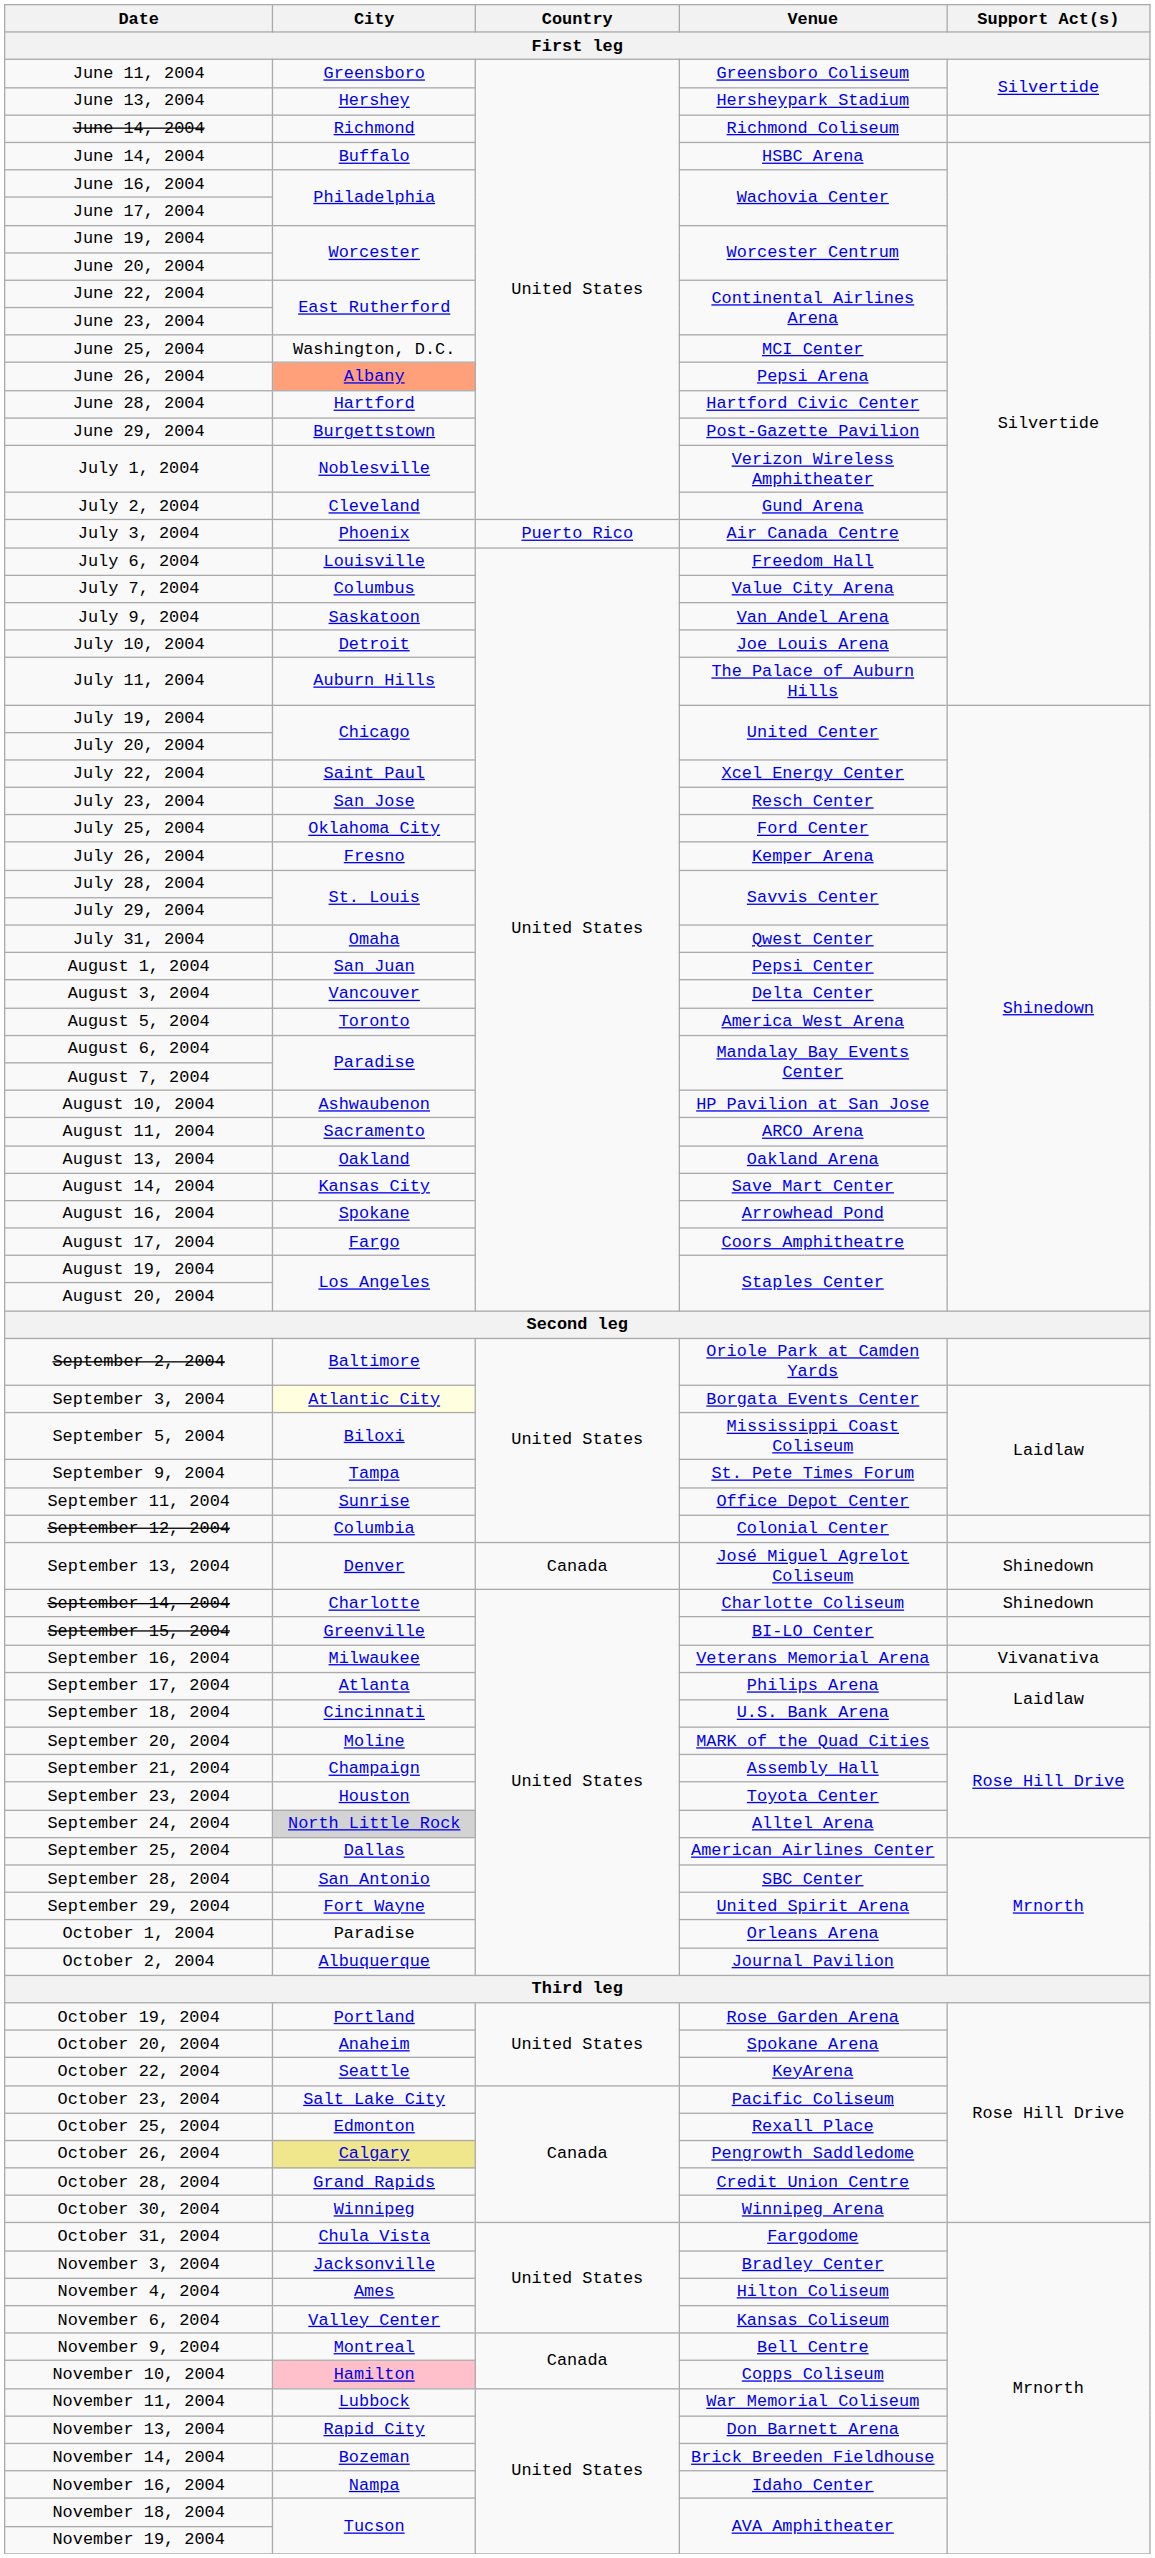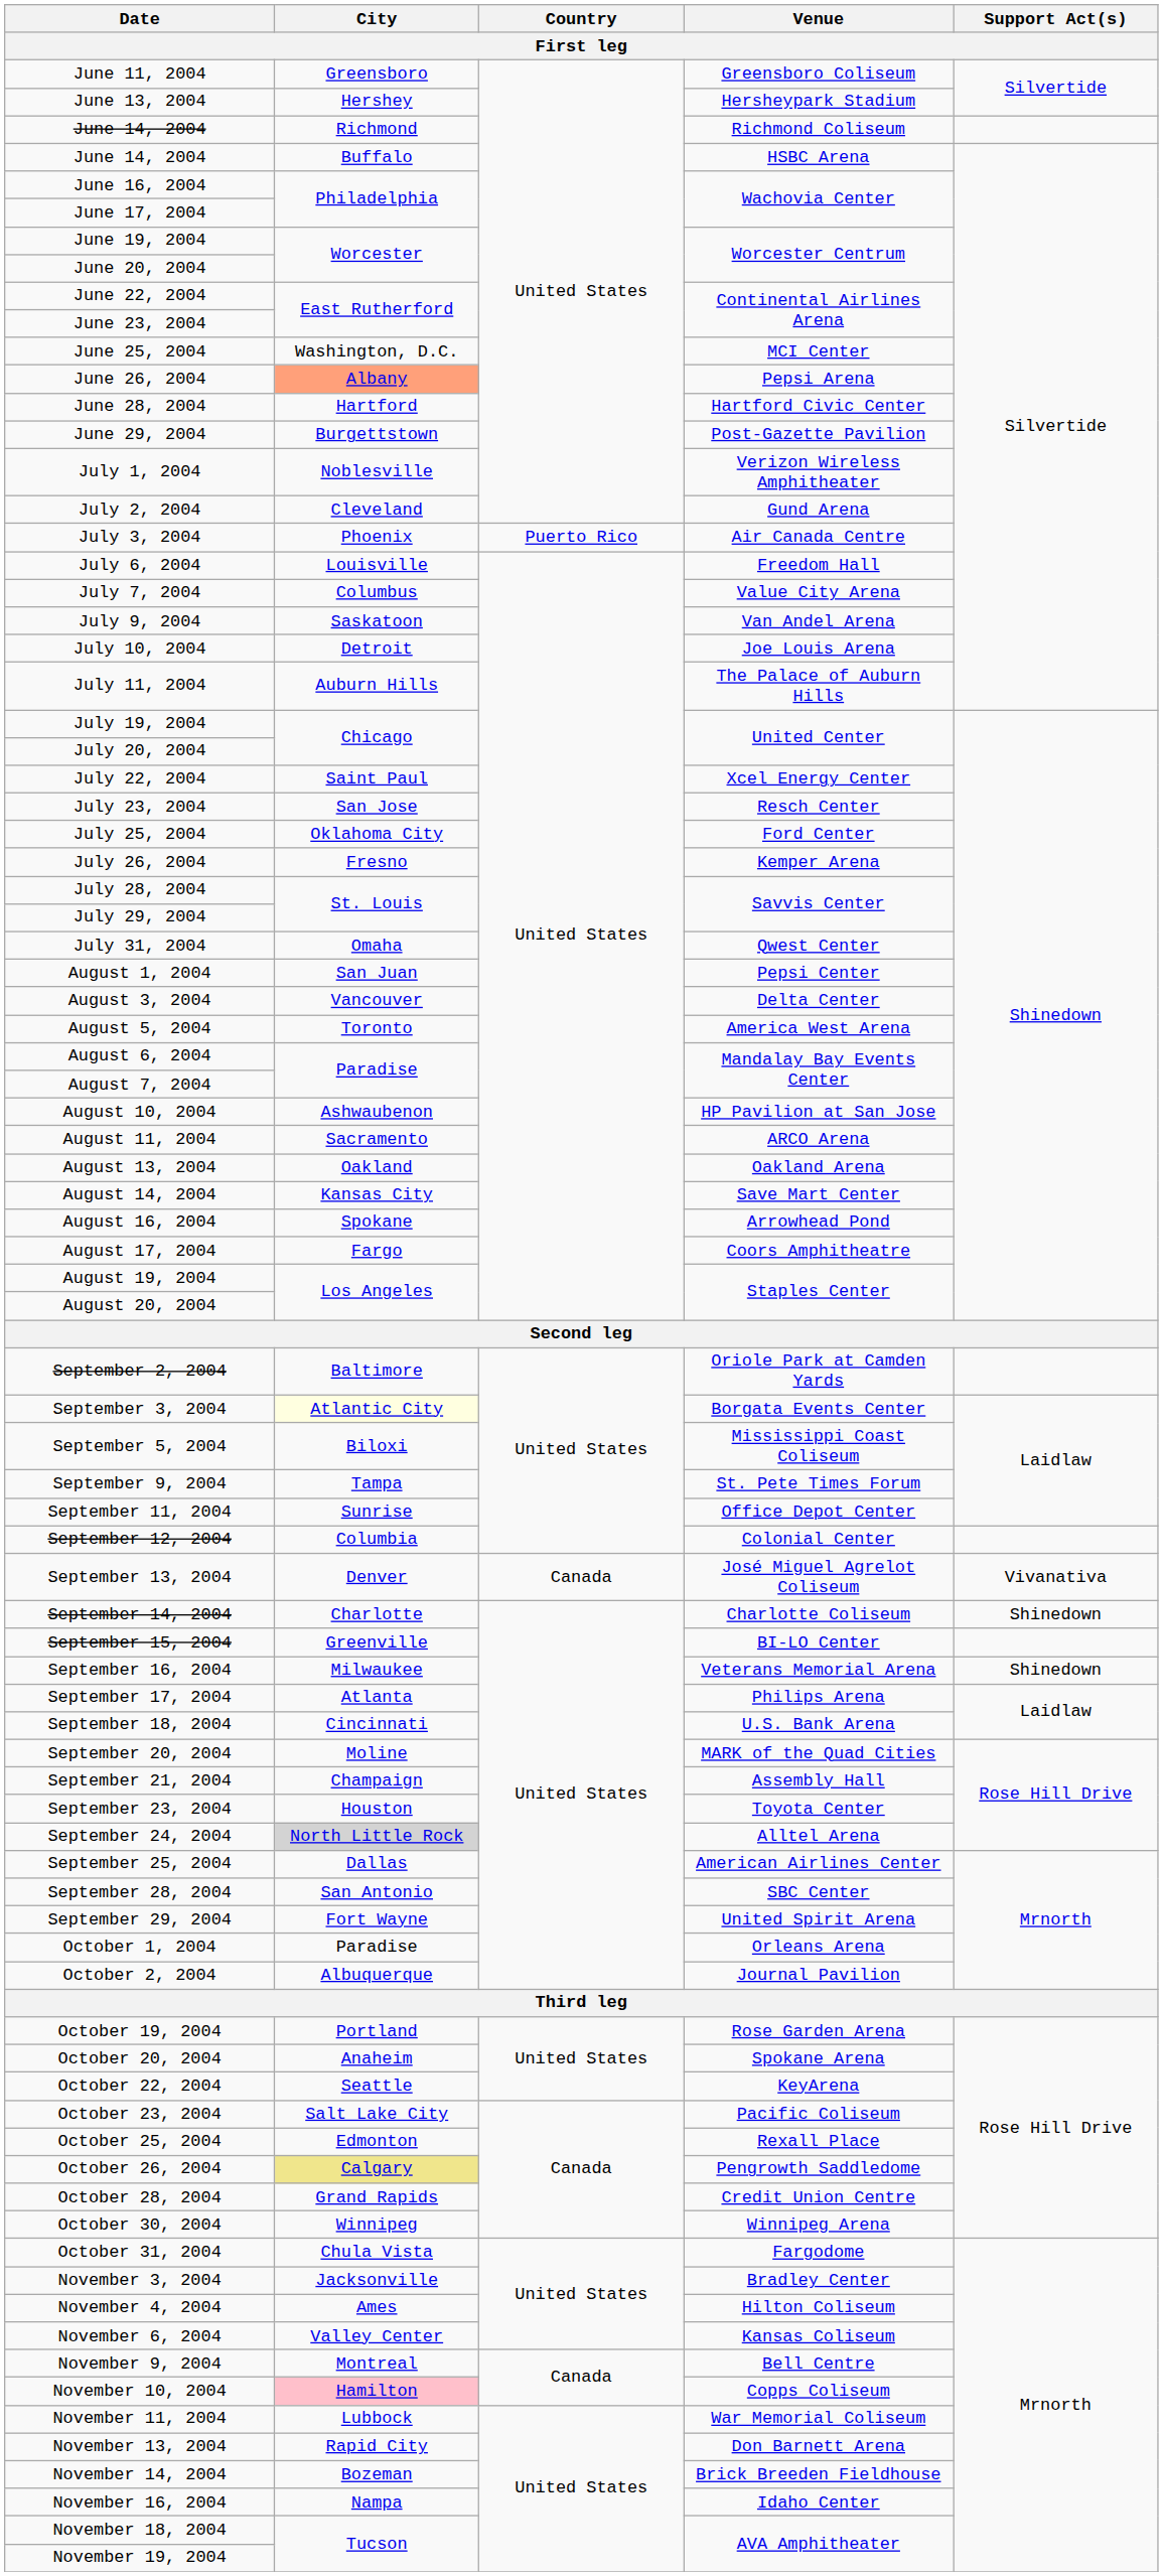 <table class="wikitable" style="text-align:center;">
 <tr>
 <th width="200">Date</th>
 <th width="150">City</th>
 <th width="150">Country</th>
 <th width="200">Venue</th>
 <th width="150">Support Act(s)</th>
 </tr>
 <tr>
 <th colspan="5">First leg</th>
 </tr>
 <tr>
 <td>June 11, 2004</td>
 <td><a href='#'>Greensboro</a></td>
 <td rowspan="16">United States</td>
 <td><a href='#'>Greensboro Coliseum</a></td>
 <td rowspan="2"><a href='#'>Silvertide</a></td>
 </tr>
 <tr>
 <td>June 13, 2004</td>
 <td><a href='#'>Hershey</a></td>
 <td><a href='#'>Hersheypark Stadium</a></td>
 </tr>
 <tr>
 <td><s>June 14, 2004</s></td>
 <td><a href='#'>Richmond</a></td>
 <td><a href='#'>Richmond Coliseum</a></td>
 <td></td>
 </tr>
 <tr>
 <td>June 14, 2004</td>
 <td><a href='#'>Buffalo</a></td>
 <td><a href='#'>HSBC Arena</a></td>
 <td rowspan="19">Silvertide</td>
 </tr>
 <tr>
 <td>June 16, 2004</td>
 <td rowspan="2"><a href='#'>Philadelphia</a></td>
 <td rowspan="2"><a href='#'>Wachovia Center</a></td>
 </tr>
 <tr>
 <td>June 17, 2004</td>
 </tr>
 <tr>
 <td>June 19, 2004</td>
 <td rowspan="2"><a href='#'>Worcester</a></td>
 <td rowspan="2"><a href='#'>Worcester Centrum</a></td>
 </tr>
 <tr>
 <td>June 20, 2004</td>
 </tr>
 <tr>
 <td>June 22, 2004</td>
 <td rowspan="2"><a href='#'>East Rutherford</a></td>
 <td rowspan="2"><a href='#'>Continental Airlines Arena</a></td>
 </tr>
 <tr>
 <td>June 23, 2004</td>
 </tr>
 <tr>
 <td>June 25, 2004</td>
 <td>Washington, D.C.</td>
 <td><a href='#'>MCI Center</a></td>
 </tr>
 <tr>
 <td>June 26, 2004</td>
 <td style="background: lightsalmon;"><a href='#'>Albany</a></td>
 <td><a href='#'>Pepsi Arena</a></td>
 </tr>
 <tr>
 <td>June 28, 2004</td>
 <td><a href='#'>Hartford</a></td>
 <td><a href='#'>Hartford Civic Center</a></td>
 </tr>
 <tr>
 <td>June 29, 2004</td>
 <td><a href='#'>Burgettstown</a></td>
 <td><a href='#'>Post-Gazette Pavilion</a></td>
 </tr>
 <tr>
 <td>July 1, 2004</td>
 <td><a href='#'>Noblesville</a></td>
 <td><a href='#'>Verizon Wireless Amphitheater</a></td>
 </tr>
 <tr>
 <td>July 2, 2004</td>
 <td><a href='#'>Cleveland</a></td>
 <td><a href='#'>Gund Arena</a></td>
 </tr>
 <tr>
 <td>July 3, 2004</td>
 <td><a href='#'>Phoenix</a></td>
 <td><a href='#'>Puerto Rico</a></td>
 <td><a href='#'>Air Canada Centre</a></td>
 </tr>
 <tr>
 <td>July 6, 2004</td>
 <td><a href='#'>Louisville</a></td>
 <td rowspan="27">United States</td>
 <td><a href='#'>Freedom Hall</a></td>
 </tr>
 <tr>
 <td>July 7, 2004</td>
 <td><a href='#'>Columbus</a></td>
 <td><a href='#'>Value City Arena</a></td>
 </tr>
 <tr>
 <td>July 9, 2004</td>
 <td><a href='#'>Saskatoon</a></td>
 <td><a href='#'>Van Andel Arena</a></td>
 </tr>
 <tr>
 <td>July 10, 2004</td>
 <td><a href='#'>Detroit</a></td>
 <td><a href='#'>Joe Louis Arena</a></td>
 </tr>
 <tr>
 <td>July 11, 2004</td>
 <td><a href='#'>Auburn Hills</a></td>
 <td><a href='#'>The Palace of Auburn Hills</a></td>
 </tr>
 <tr>
 <td>July 19, 2004</td>
 <td rowspan="2"><a href='#'>Chicago</a></td>
 <td rowspan="2"><a href='#'>United Center</a></td>
 <td rowspan="22"><a href='#'>Shinedown</a></td>
 </tr>
 <tr>
 <td>July 20, 2004</td>
 </tr>
 <tr>
 <td>July 22, 2004</td>
 <td><a href='#'>Saint Paul</a></td>
 <td><a href='#'>Xcel Energy Center</a></td>
 </tr>
 <tr>
 <td>July 23, 2004</td>
 <td><a href='#'>San Jose</a></td>
 <td><a href='#'>Resch Center</a></td>
 </tr>
 <tr>
 <td>July 25, 2004</td>
 <td><a href='#'>Oklahoma City</a></td>
 <td><a href='#'>Ford Center</a></td>
 </tr>
 <tr>
 <td>July 26, 2004</td>
 <td><a href='#'>Fresno</a></td>
 <td><a href='#'>Kemper Arena</a></td>
 </tr>
 <tr>
 <td>July 28, 2004</td>
 <td rowspan="2"><a href='#'>St. Louis</a></td>
 <td rowspan="2"><a href='#'>Savvis Center</a></td>
 </tr>
 <tr>
 <td>July 29, 2004</td>
 </tr>
 <tr>
 <td>July 31, 2004</td>
 <td><a href='#'>Omaha</a></td>
 <td><a href='#'>Qwest Center</a></td>
 </tr>
 <tr>
 <td>August 1, 2004</td>
 <td><a href='#'>San Juan</a></td>
 <td><a href='#'>Pepsi Center</a></td>
 </tr>
 <tr>
 <td>August 3, 2004</td>
 <td><a href='#'>Vancouver</a></td>
 <td><a href='#'>Delta Center</a></td>
 </tr>
 <tr>
 <td>August 5, 2004</td>
 <td><a href='#'>Toronto</a></td>
 <td><a href='#'>America West Arena</a></td>
 </tr>
 <tr>
 <td>August 6, 2004</td>
 <td rowspan="2"><a href='#'>Paradise</a></td>
 <td rowspan="2"><a href='#'>Mandalay Bay Events Center</a></td>
 </tr>
 <tr>
 <td>August 7, 2004</td>
 </tr>
 <tr>
 <td>August 10, 2004</td>
 <td><a href='#'>Ashwaubenon</a></td>
 <td><a href='#'>HP Pavilion at San Jose</a></td>
 </tr>
 <tr>
 <td>August 11, 2004</td>
 <td><a href='#'>Sacramento</a></td>
 <td><a href='#'>ARCO Arena</a></td>
 </tr>
 <tr>
 <td>August 13, 2004</td>
 <td><a href='#'>Oakland</a></td>
 <td><a href='#'>Oakland Arena</a></td>
 </tr>
 <tr>
 <td>August 14, 2004</td>
 <td><a href='#'>Kansas City</a></td>
 <td><a href='#'>Save Mart Center</a></td>
 </tr>
 <tr>
 <td>August 16, 2004</td>
 <td><a href='#'>Spokane</a></td>
 <td><a href='#'>Arrowhead Pond</a></td>
 </tr>
 <tr>
 <td>August 17, 2004</td>
 <td><a href='#'>Fargo</a></td>
 <td><a href='#'>Coors Amphitheatre</a></td>
 </tr>
 <tr>
 <td>August 19, 2004</td>
 <td rowspan="2"><a href='#'>Los Angeles</a></td>
 <td rowspan="2"><a href='#'>Staples Center</a></td>
 </tr>
 <tr>
 <td>August 20, 2004</td>
 </tr>
 <tr>
 <th colspan="5">Second leg</th>
 </tr>
 <tr>
 <td><s>September 2, 2004</s></td>
 <td><a href='#'>Baltimore</a></td>
 <td rowspan="6">United States</td>
 <td><a href='#'>Oriole Park at Camden Yards</a></td>
 <td></td>
 </tr>
 <tr>
 <td>September 3, 2004</td>
 <td style="background: lightyellow;"><a href='#'>Atlantic City</a></td>
 <td><a href='#'>Borgata Events Center</a></td>
 <td rowspan="4">Laidlaw</td>
 </tr>
 <tr>
 <td>September 5, 2004</td>
 <td><a href='#'>Biloxi</a></td>
 <td><a href='#'>Mississippi Coast Coliseum</a></td>
 </tr>
 <tr>
 <td>September 9, 2004</td>
 <td><a href='#'>Tampa</a></td>
 <td><a href='#'>St. Pete Times Forum</a></td>
 </tr>
 <tr>
 <td>September 11, 2004</td>
 <td><a href='#'>Sunrise</a></td>
 <td><a href='#'>Office Depot Center</a></td>
 </tr>
 <tr>
 <td><s>September 12, 2004</s></td>
 <td><a href='#'>Columbia</a></td>
 <td><a href='#'>Colonial Center</a></td>
 <td></td>
 </tr>
 <tr>
 <td>September 13, 2004</td>
 <td><a href='#'>Denver</a></td>
 <td>Canada</td>
 <td><a href='#'>José Miguel Agrelot Coliseum</a></td>
-<td>Shinedown</td>
+<td>Vivanativa</td>
 </tr>
 <tr>
 <td><s>September 14, 2004</s></td>
 <td><a href='#'>Charlotte</a></td>
 <td rowspan="14">United States</td>
 <td><a href='#'>Charlotte Coliseum</a></td>
 <td>Shinedown</td>
 </tr>
 <tr>
 <td><s>September 15, 2004</s></td>
 <td><a href='#'>Greenville</a></td>
 <td><a href='#'>BI-LO Center</a></td>
 </tr>
 <tr>
 <td>September 16, 2004</td>
 <td><a href='#'>Milwaukee</a></td>
 <td><a href='#'>Veterans Memorial Arena</a></td>
-<td>Vivanativa</td>
+<td>Shinedown</td>
 </tr>
 <tr>
 <td>September 17, 2004</td>
 <td><a href='#'>Atlanta</a></td>
 <td><a href='#'>Philips Arena</a></td>
 <td rowspan="2">Laidlaw</td>
 </tr>
 <tr>
 <td>September 18, 2004</td>
 <td><a href='#'>Cincinnati</a></td>
 <td><a href='#'>U.S. Bank Arena</a></td>
 </tr>
 <tr>
 <td>September 20, 2004</td>
 <td><a href='#'>Moline</a></td>
 <td><a href='#'>MARK of the Quad Cities</a></td>
 <td rowspan="4"><a href='#'>Rose Hill Drive</a></td>
 </tr>
 <tr>
 <td>September 21, 2004</td>
 <td><a href='#'>Champaign</a></td>
 <td><a href='#'>Assembly Hall</a></td>
 </tr>
 <tr>
 <td>September 23, 2004</td>
 <td><a href='#'>Houston</a></td>
 <td><a href='#'>Toyota Center</a></td>
 </tr>
 <tr>
 <td>September 24, 2004</td>
 <td style="background: lightgrey;"><a href='#'>North Little Rock</a></td>
 <td><a href='#'>Alltel Arena</a></td>
 </tr>
 <tr>
 <td>September 25, 2004</td>
 <td><a href='#'>Dallas</a></td>
 <td><a href='#'>American Airlines Center</a></td>
 <td rowspan="5"><a href='#'>Mrnorth</a></td>
 </tr>
 <tr>
 <td>September 28, 2004</td>
 <td><a href='#'>San Antonio</a></td>
 <td><a href='#'>SBC Center</a></td>
 </tr>
 <tr>
 <td>September 29, 2004</td>
 <td><a href='#'>Fort Wayne</a></td>
 <td><a href='#'>United Spirit Arena</a></td>
 </tr>
 <tr>
 <td>October 1, 2004</td>
 <td>Paradise</td>
 <td><a href='#'>Orleans Arena</a></td>
 </tr>
 <tr>
 <td>October 2, 2004</td>
 <td><a href='#'>Albuquerque</a></td>
 <td><a href='#'>Journal Pavilion</a></td>
 </tr>
 <tr>
 <th colspan="5">Third leg</th>
 </tr>
 <tr>
 <td>October 19, 2004</td>
 <td><a href='#'>Portland</a></td>
 <td rowspan="3">United States</td>
 <td><a href='#'>Rose Garden Arena</a></td>
 <td rowspan="8">Rose Hill Drive</td>
 </tr>
 <tr>
 <td>October 20, 2004</td>
 <td><a href='#'>Anaheim</a></td>
 <td><a href='#'>Spokane Arena</a></td>
 </tr>
 <tr>
 <td>October 22, 2004</td>
 <td><a href='#'>Seattle</a></td>
 <td><a href='#'>KeyArena</a></td>
 </tr>
 <tr>
 <td>October 23, 2004</td>
 <td><a href='#'>Salt Lake City</a></td>
 <td rowspan="5">Canada</td>
 <td><a href='#'>Pacific Coliseum</a></td>
 </tr>
 <tr>
 <td>October 25, 2004</td>
 <td><a href='#'>Edmonton</a></td>
 <td><a href='#'>Rexall Place</a></td>
 </tr>
 <tr>
 <td>October 26, 2004</td>
 <td style="background: khaki;"><a href='#'>Calgary</a></td>
 <td><a href='#'>Pengrowth Saddledome</a></td>
 </tr>
 <tr>
 <td>October 28, 2004</td>
 <td><a href='#'>Grand Rapids</a></td>
 <td><a href='#'>Credit Union Centre</a></td>
 </tr>
 <tr>
 <td>October 30, 2004</td>
 <td><a href='#'>Winnipeg</a></td>
 <td><a href='#'>Winnipeg Arena</a></td>
 </tr>
 <tr>
 <td>October 31, 2004</td>
 <td><a href='#'>Chula Vista</a></td>
 <td rowspan="4">United States</td>
 <td><a href='#'>Fargodome</a></td>
 <td rowspan="12">Mrnorth</td>
 </tr>
 <tr>
 <td>November 3, 2004</td>
 <td><a href='#'>Jacksonville</a></td>
 <td><a href='#'>Bradley Center</a></td>
 </tr>
 <tr>
 <td>November 4, 2004</td>
 <td><a href='#'>Ames</a></td>
 <td><a href='#'>Hilton Coliseum</a></td>
 </tr>
 <tr>
 <td>November 6, 2004</td>
 <td><a href='#'>Valley Center</a></td>
 <td><a href='#'>Kansas Coliseum</a></td>
 </tr>
 <tr>
 <td>November 9, 2004</td>
 <td><a href='#'>Montreal</a></td>
 <td rowspan="2">Canada</td>
 <td><a href='#'>Bell Centre</a></td>
 </tr>
 <tr>
 <td>November 10, 2004</td>
 <td style="background: pink;"><a href='#'>Hamilton</a></td>
 <td><a href='#'>Copps Coliseum</a></td>
 </tr>
 <tr>
 <td>November 11, 2004</td>
 <td><a href='#'>Lubbock</a></td>
 <td rowspan="6">United States</td>
 <td><a href='#'>War Memorial Coliseum</a></td>
 </tr>
 <tr>
 <td>November 13, 2004</td>
 <td><a href='#'>Rapid City</a></td>
 <td><a href='#'>Don Barnett Arena</a></td>
 </tr>
 <tr>
 <td>November 14, 2004</td>
 <td><a href='#'>Bozeman</a></td>
 <td><a href='#'>Brick Breeden Fieldhouse</a></td>
 </tr>
 <tr>
 <td>November 16, 2004</td>
 <td><a href='#'>Nampa</a></td>
 <td><a href='#'>Idaho Center</a></td>
 </tr>
 <tr>
 <td>November 18, 2004</td>
 <td rowspan="2"><a href='#'>Tucson</a></td>
 <td rowspan="2"><a href='#'>AVA Amphitheater</a></td>
 </tr>
 <tr>
 <td>November 19, 2004</td>
 </tr>
 </table>
